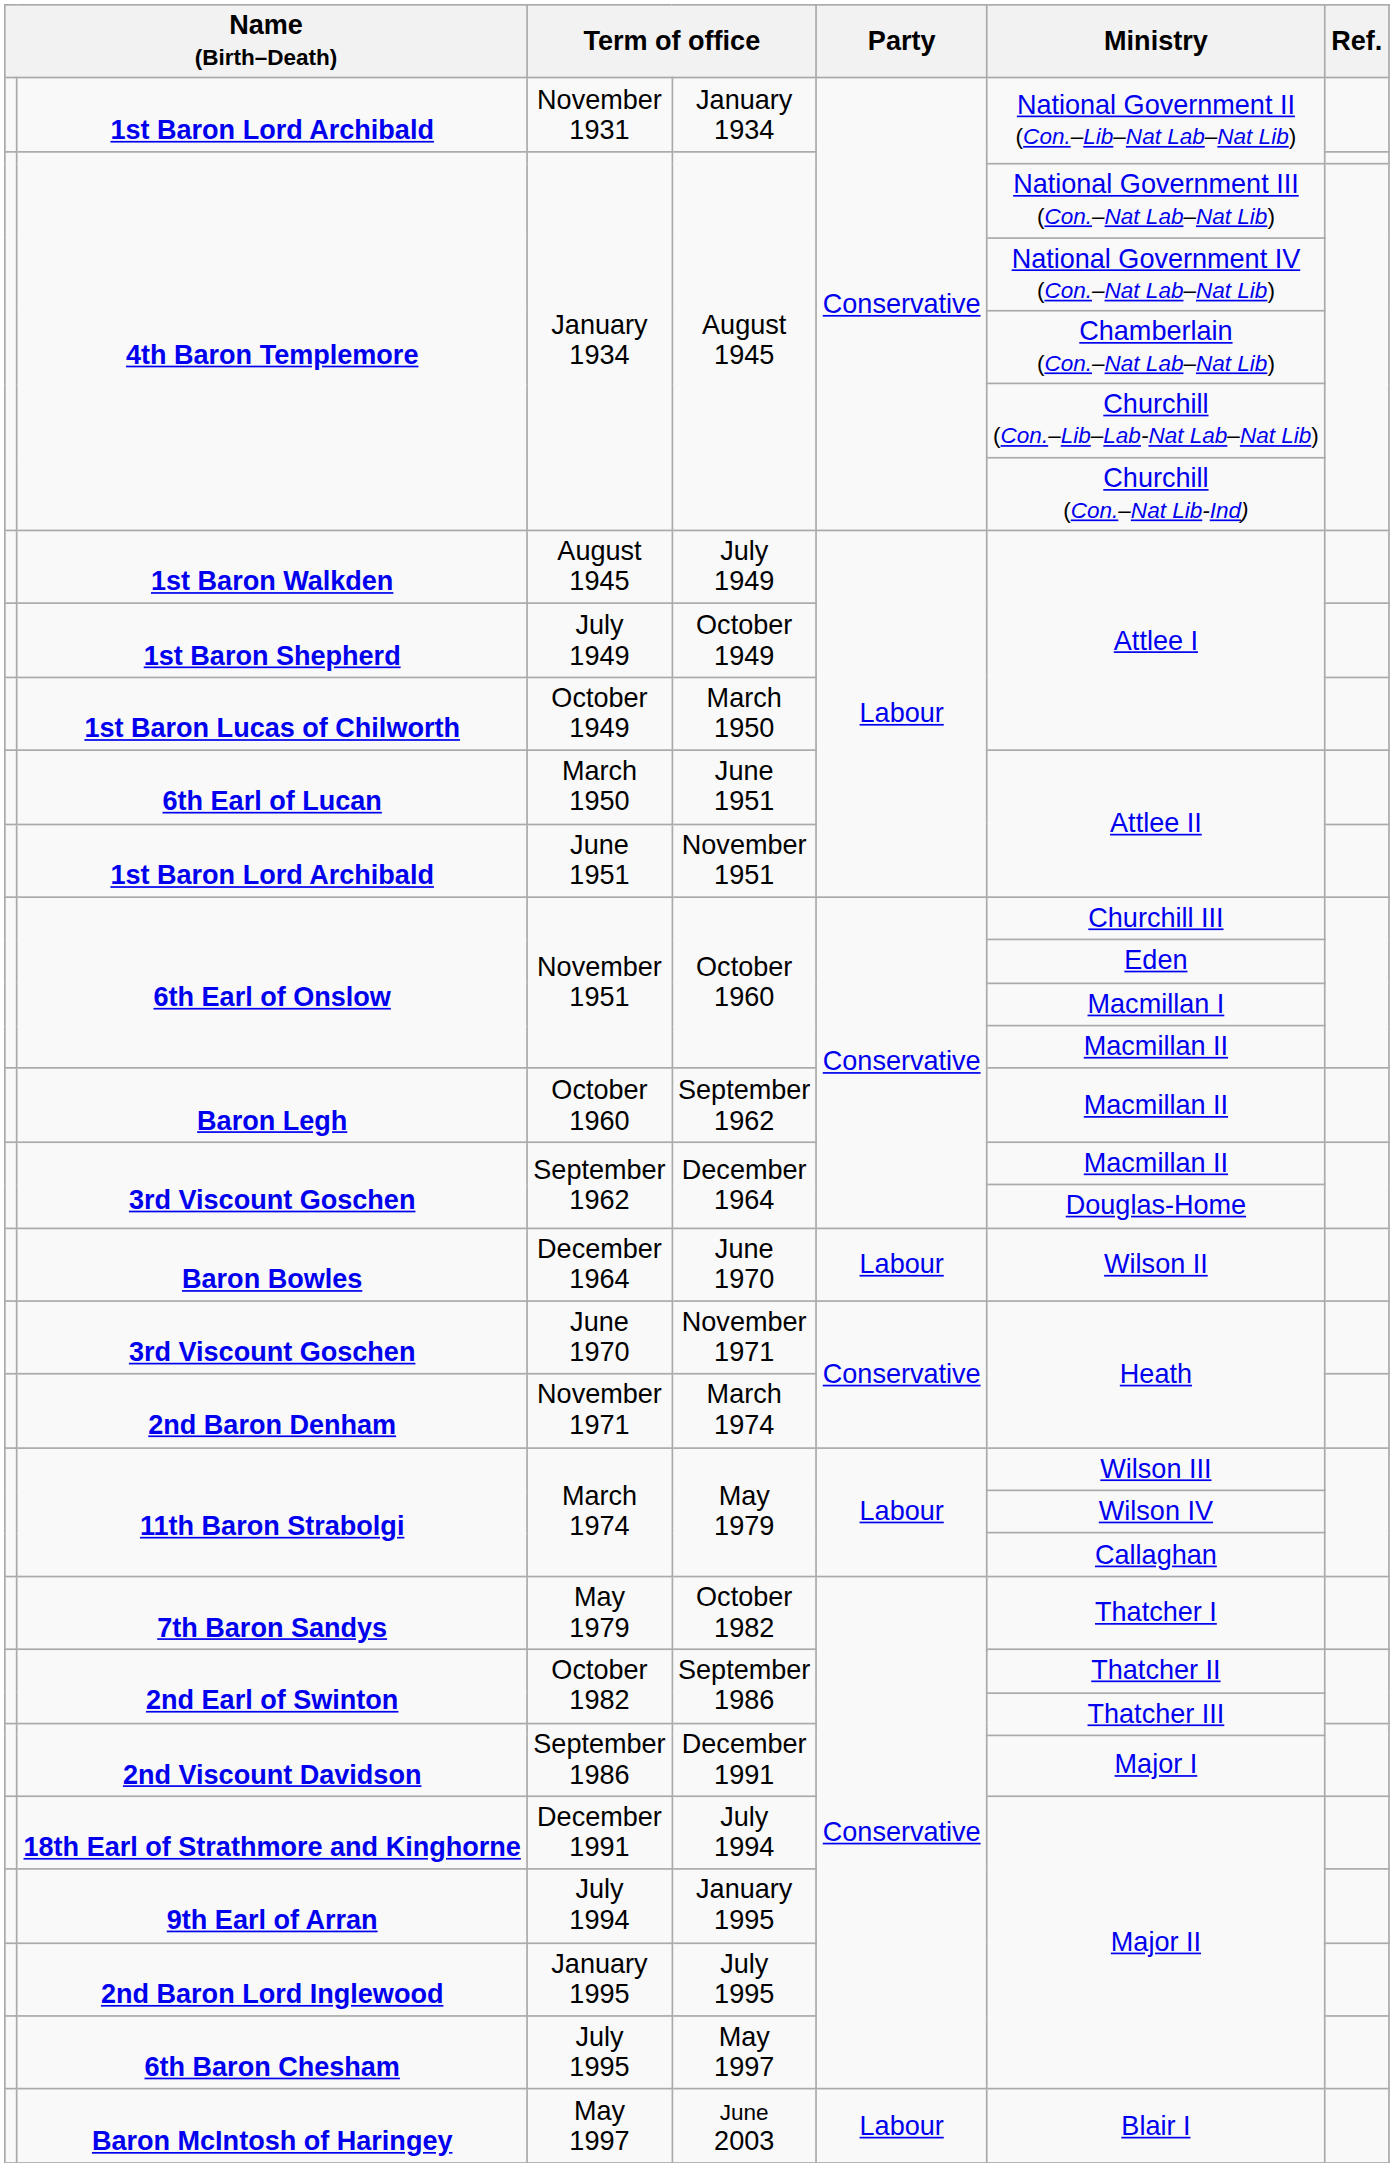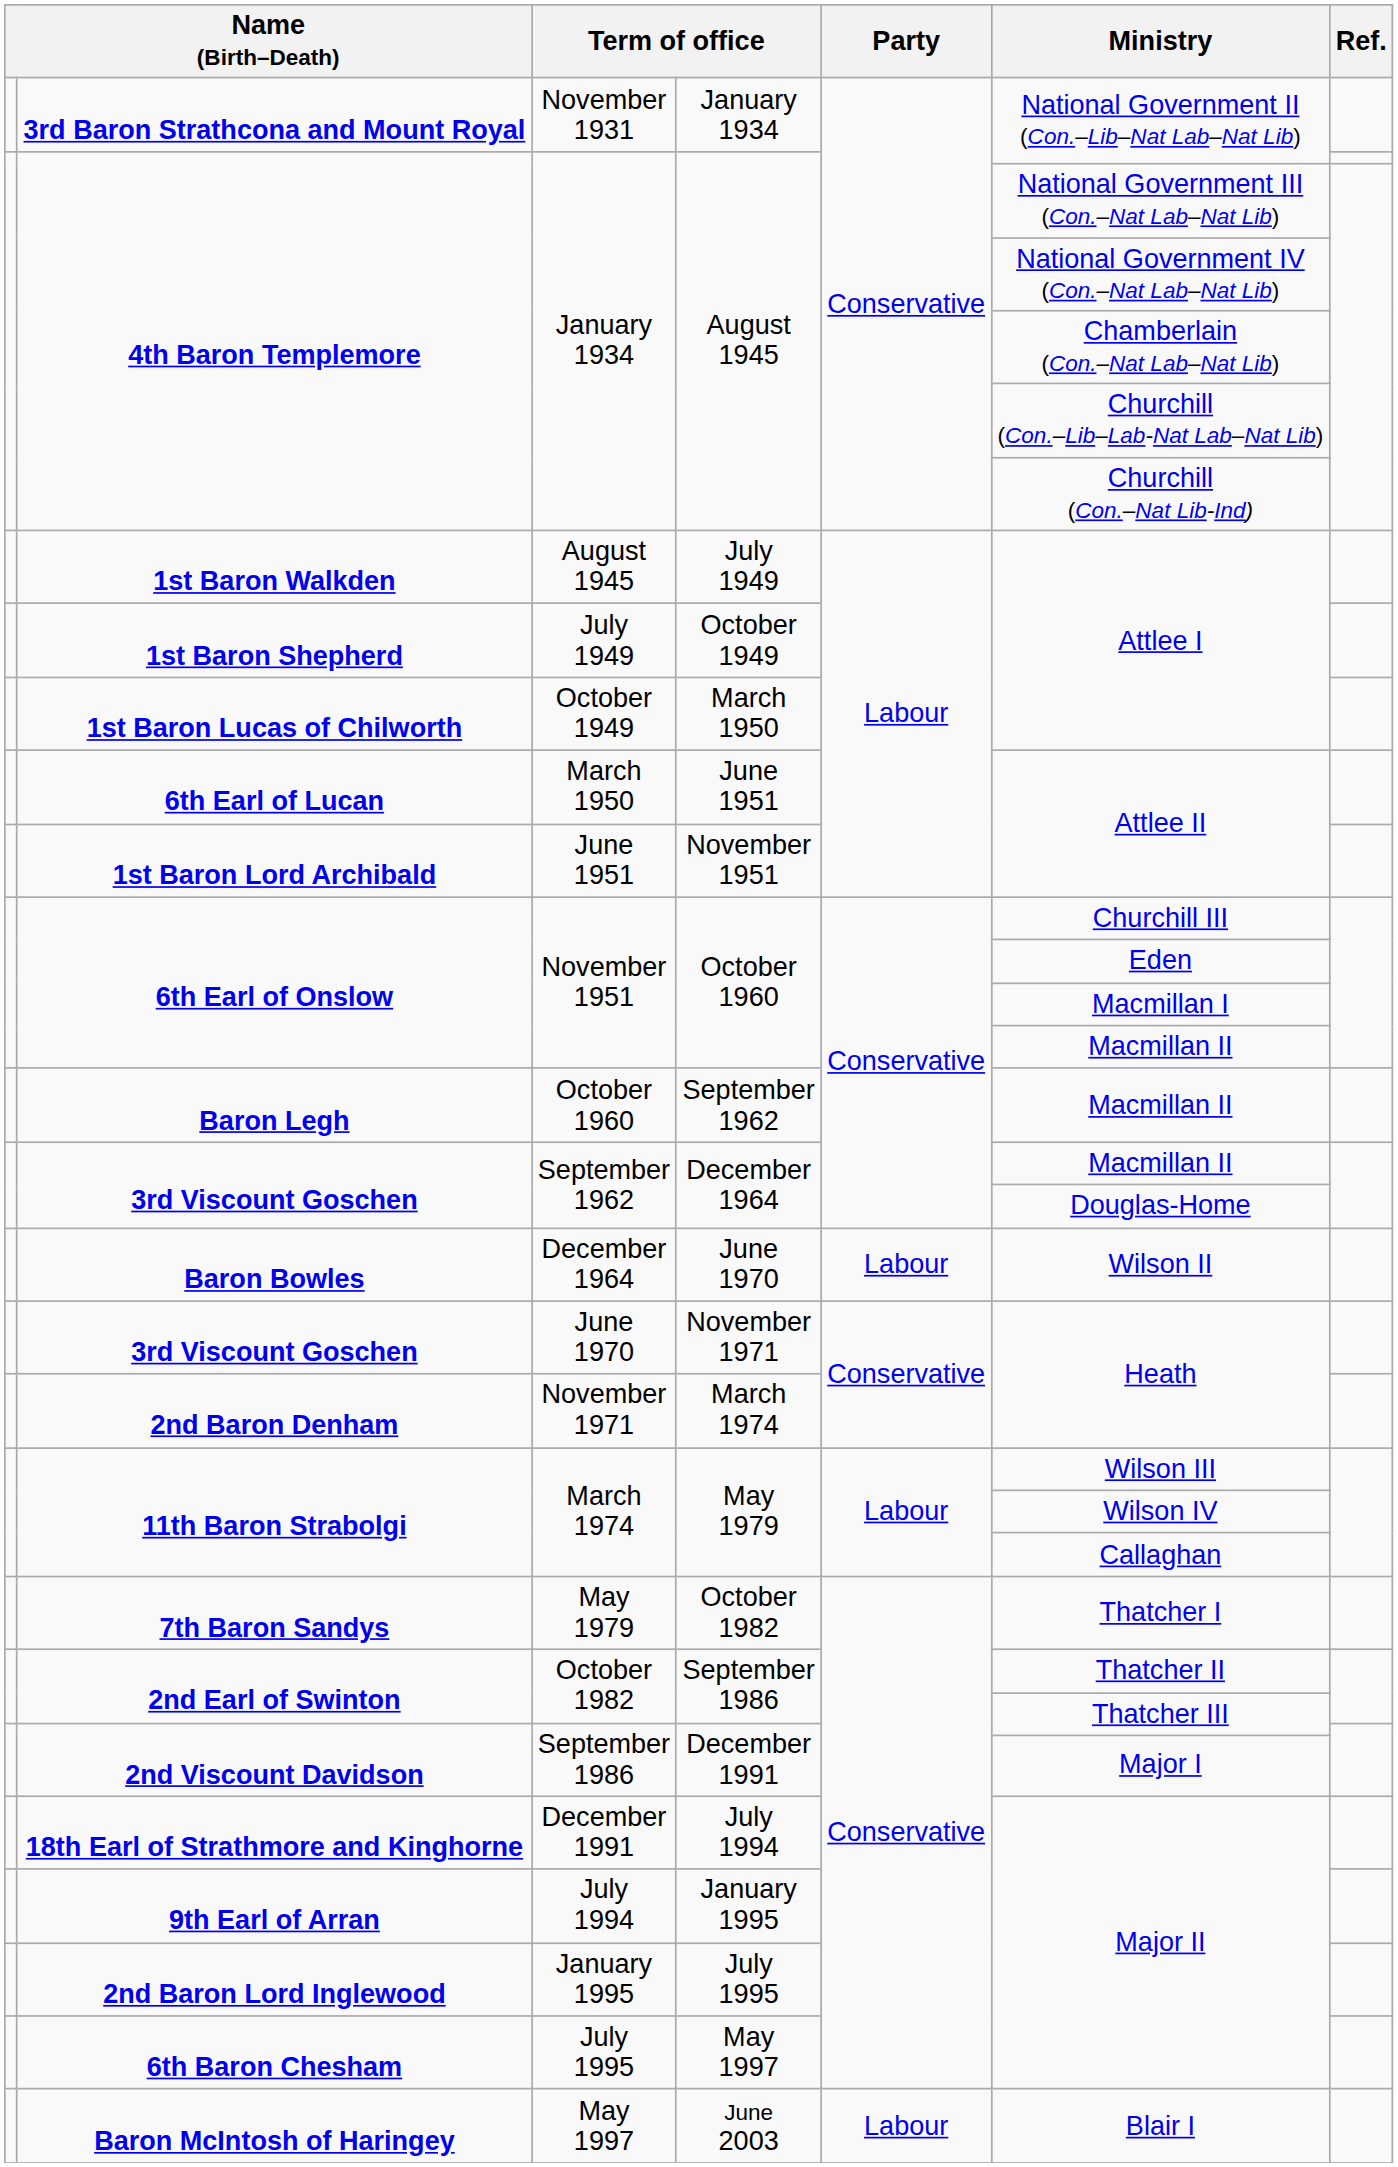 <table class="wikitable" style="text-align:center">
 <tr>
 <th colspan="2">Name<br><small>(Birth–Death)</small></th>
 <th colspan="2">Term of office</th>
 <th>Party</th>
 <th>Ministry</th>
 <th><abbr>Ref.</abbr></th>
 </tr>
 <tr>
 <td rowspan="1" style="background-color: "></td>
-<td><a href='#'><br><strong>1st Baron Lord Archibald</strong></a></td>
+<td><a href='#'><br><strong>3rd Baron Strathcona and Mount Royal</strong></a></td>
 <td>November<br>1931</td>
 <td>January<br>1934</td>
 <td rowspan="7" ><a href='#'>Conservative</a></td>
 <td rowspan=2 ><a href='#'>National Government II</a><br><small>(<em><a href='#'>Con.</a>–<a href='#'>Lib</a>–<a href='#'>Nat Lab</a>–<a href='#'>Nat Lib</a></em>)</small></td>
 <td></td>
 </tr>
 <tr>
 <td rowspan="6" style="background-color: "></td>
 <td rowspan="6"><a href='#'><br><strong>4th Baron Templemore</strong></a></td>
 <td rowspan="6">January<br>1934</td>
 <td rowspan="6">August<br>1945</td>
 <td></td>
 </tr>
 <tr>
 <td rowspan=1 ><a href='#'>National Government III</a><br><small>(<em><a href='#'>Con.</a>–<a href='#'>Nat Lab</a>–<a href='#'>Nat Lib</a></em>)</small></td>
 <td rowspan="5"></td>
 </tr>
 <tr>
 <td rowspan=1 ><a href='#'>National Government IV</a><br><small>(<em><a href='#'>Con.</a>–<a href='#'>Nat Lab</a>–<a href='#'>Nat Lib</a></em>)</small></td>
 </tr>
 <tr>
 <td rowspan=1 ><a href='#'>Chamberlain </a><br><small>(<em><a href='#'>Con.</a>–<a href='#'>Nat Lab</a>–<a href='#'>Nat Lib</a></em>)</small></td>
 </tr>
 <tr>
 <td rowspan=1 ><a href='#'>Churchill </a><br><small>(<em><a href='#'>Con.</a>–<a href='#'>Lib</a>–<a href='#'>Lab</a>-<a href='#'>Nat Lab</a>–<a href='#'>Nat Lib</a></em>)</small></td>
 </tr>
 <tr>
 <td rowspan=1 ><a href='#'>Churchill </a><br><small>(<em><a href='#'>Con.</a>–<a href='#'>Nat Lib</a>-<a href='#'>Ind</a>)</em></small></td>
 </tr>
 <tr>
 <td rowspan="1" style="background-color: "></td>
 <td><a href='#'><br><strong>1st Baron Walkden</strong></a></td>
 <td>August<br>1945</td>
 <td>July<br>1949</td>
 <td rowspan="5" ><a href='#'>Labour</a></td>
 <td rowspan="3" ><a href='#'>Attlee I</a></td>
 <td></td>
 </tr>
 <tr>
 <td rowspan="1" style="background-color: "></td>
 <td><a href='#'><br><strong>1st Baron Shepherd</strong></a></td>
 <td>July<br>1949</td>
 <td>October<br>1949</td>
 <td></td>
 </tr>
 <tr>
 <td rowspan="1" style="background-color: "></td>
 <td><a href='#'><br><strong>1st Baron Lucas of Chilworth</strong></a></td>
 <td>October<br>1949</td>
 <td>March<br>1950</td>
 <td></td>
 </tr>
 <tr>
 <td rowspan="1" style="background-color: "></td>
 <td><a href='#'><br><strong>6th Earl of Lucan</strong></a></td>
 <td>March<br>1950</td>
 <td>June<br>1951</td>
 <td rowspan="2" ><a href='#'>Attlee II</a></td>
 <td></td>
 </tr>
 <tr>
 <td rowspan="1" style="background-color: "></td>
 <td><a href='#'><br><strong>1st Baron Lord Archibald</strong></a></td>
 <td>June<br>1951</td>
 <td>November<br>1951</td>
 <td></td>
 </tr>
 <tr>
 <td rowspan="4" style="background-color: "></td>
 <td rowspan="4"><a href='#'><br><strong>6th Earl of Onslow</strong></a></td>
 <td rowspan="4">November<br>1951</td>
 <td rowspan="4">October<br>1960</td>
 <td rowspan="7" ><a href='#'>Conservative</a></td>
 <td rowspan="1" ><a href='#'>Churchill III</a></td>
 <td rowspan="4"></td>
 </tr>
 <tr>
 <td rowspan="1" ><a href='#'>Eden</a></td>
 </tr>
 <tr>
 <td rowspan="1" ><a href='#'>Macmillan I</a></td>
 </tr>
 <tr>
 <td rowspan="1" ><a href='#'>Macmillan II</a></td>
 </tr>
 <tr>
 <td rowspan="1" style="background-color: "></td>
 <td><a href='#'><br><strong>Baron Legh</strong></a></td>
 <td>October<br>1960</td>
 <td>September<br>1962</td>
 <td rowspan="1" ><a href='#'>Macmillan II</a></td>
 <td></td>
 </tr>
 <tr>
 <td rowspan="2" style="background-color: "></td>
 <td rowspan="2"><a href='#'><br><strong>3rd Viscount Goschen</strong></a></td>
 <td rowspan="2">September<br>1962</td>
 <td rowspan="2">December<br>1964</td>
 <td rowspan="1" ><a href='#'>Macmillan II</a></td>
 <td rowspan="2"></td>
 </tr>
 <tr>
 <td rowspan="1" ><a href='#'>Douglas-Home</a></td>
 </tr>
 <tr>
 <td rowspan="1" style="background-color: "></td>
 <td><a href='#'><br><strong>Baron Bowles</strong></a></td>
 <td>December<br>1964</td>
 <td>June<br>1970</td>
 <td rowspan="1" ><a href='#'>Labour</a></td>
 <td rowspan="1" ><a href='#'>Wilson II</a></td>
 <td></td>
 </tr>
 <tr>
 <td rowspan="1" style="background-color: "></td>
 <td><a href='#'><br><strong>3rd Viscount Goschen</strong></a></td>
 <td>June<br>1970</td>
 <td>November<br>1971</td>
 <td rowspan="2" ><a href='#'>Conservative</a></td>
 <td rowspan="2" ><a href='#'>Heath</a></td>
 <td></td>
 </tr>
 <tr>
 <td rowspan="1" style="background-color: "></td>
 <td><a href='#'><br><strong>2nd Baron Denham</strong></a></td>
 <td>November<br>1971</td>
 <td>March<br>1974</td>
 <td></td>
 </tr>
 <tr>
 <td rowspan="3" style="background-color: "></td>
 <td rowspan="3"><a href='#'><br><strong>11th Baron Strabolgi</strong></a></td>
 <td rowspan="3">March<br>1974</td>
 <td rowspan="3">May<br>1979</td>
 <td rowspan="3" ><a href='#'>Labour</a></td>
 <td rowspan="1" ><a href='#'>Wilson III</a></td>
 <td rowspan="3"></td>
 </tr>
 <tr>
 <td rowspan="1" ><a href='#'>Wilson IV</a></td>
 </tr>
 <tr>
 <td rowspan="1" ><a href='#'>Callaghan</a></td>
 </tr>
 <tr>
 <td rowspan="1" style="background-color: "></td>
 <td><a href='#'><br><strong>7th Baron Sandys</strong></a></td>
 <td>May<br>1979</td>
 <td>October<br>1982</td>
 <td rowspan="11" ><a href='#'>Conservative</a></td>
 <td rowspan="2" ><a href='#'>Thatcher I</a></td>
 <td></td>
 </tr>
 <tr>
 <td rowspan="3" style="background-color: "></td>
 <td rowspan="3"><a href='#'><br><strong>2nd Earl of Swinton</strong></a></td>
 <td rowspan="3">October<br>1982</td>
 <td rowspan="3">September<br>1986</td>
 <td rowspan="3"></td>
 </tr>
 <tr>
 <td rowspan="1" ><a href='#'>Thatcher II</a></td>
 </tr>
 <tr>
 <td rowspan="2" ><a href='#'>Thatcher III</a></td>
 </tr>
 <tr>
 <td rowspan="2" style="background-color: "></td>
 <td rowspan="2"><a href='#'><br><strong>2nd Viscount Davidson</strong></a></td>
 <td rowspan="2">September<br>1986</td>
 <td rowspan="2">December<br>1991</td>
 <td rowspan="2"></td>
 </tr>
 <tr>
 <td rowspan="2" ><a href='#'>Major I</a></td>
 </tr>
 <tr>
 <td rowspan="2" style="background-color: "></td>
 <td rowspan="2"><a href='#'><br><strong>18th Earl of Strathmore and Kinghorne</strong></a></td>
 <td rowspan="2">December<br>1991</td>
 <td rowspan="2">July<br>1994</td>
 <td rowspan="2"></td>
 </tr>
 <tr>
 <td rowspan="4" ><a href='#'>Major II</a></td>
 </tr>
 <tr>
 <td style="background-color: "></td>
 <td><a href='#'><br><strong>9th Earl of Arran</strong></a></td>
 <td>July<br>1994</td>
 <td>January<br>1995</td>
 <td></td>
 </tr>
 <tr>
 <td style="background-color: "></td>
 <td><a href='#'><br><strong>2nd Baron Lord Inglewood</strong></a></td>
 <td>January<br>1995</td>
 <td>July<br>1995</td>
 <td></td>
 </tr>
 <tr>
 <td style="background-color: "></td>
 <td><a href='#'><br><strong>6th Baron Chesham</strong></a></td>
 <td>July<br>1995</td>
 <td>May<br>1997</td>
 <td></td>
 </tr>
 <tr>
 <td style="background-color: "></td>
 <td><a href='#'><br><strong>Baron McIntosh of Haringey</strong></a></td>
 <td>May<br>1997</td>
 <td><small>June</small><br>2003</td>
 <td><a href='#'>Labour</a></td>
 <td><a href='#'>Blair I</a></td>
 <td></td>
 </tr>
 </table>
